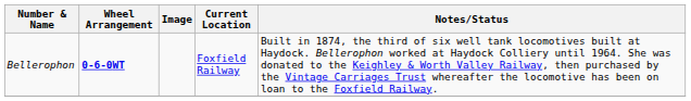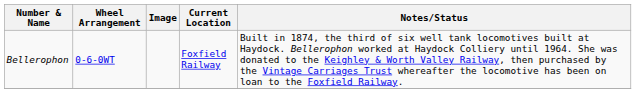 <table class="wikitable sortable">
 <tr>
 <th>Number & Name</th>
 <th>Wheel Arrangement</th>
 <th class="unsortable">Image</th>
 <th>Current Location</th>
 <th>Notes/Status</th>
 </tr>
 <tr>
 <td><em>Bellerophon</em></td>
-<td><strong><a href='#'>0-6-0</a><a href='#'>WT</a></strong></td>
+<td><a href='#'>0-6-0</a><a href='#'>WT</a></td>
 <td></td>
 <td><a href='#'>Foxfield Railway</a></td>
 <td>Built in 1874, the third of six well tank locomotives built at Haydock. <em>Bellerophon</em> worked at Haydock Colliery until 1964. She was donated to the <a href='#'>Keighley & Worth Valley Railway</a>, then purchased by the <a href='#'>Vintage Carriages Trust</a> whereafter the locomotive has been on loan to the <a href='#'>Foxfield Railway</a>.</td>
 </tr>
 <tr>
 </tr>
 </table>
